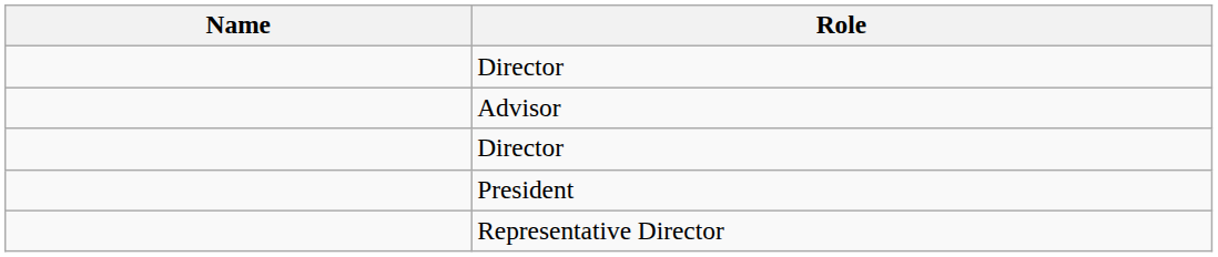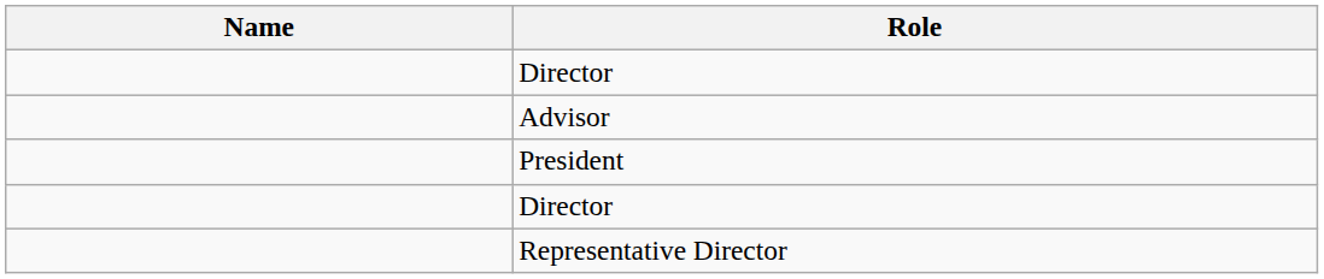 <table class="wikitable sortable" align="left center" width="59%">
 <tr>
 <th width="17%">Name</th>
 <th width="27%">Role</th>
 </tr>
 <tr>
 <td></td>
 <td>Director</td>
 </tr>
 <tr>
 <td></td>
 <td>Advisor</td>
 </tr>
 <tr>
 <td></td>
-<td>Director</td>
+<td>President</td>
 </tr>
 <tr>
 <td></td>
-<td>President</td>
+<td>Director</td>
 </tr>
 <tr>
 <td></td>
 <td>Representative Director</td>
 </tr>
 </table>
